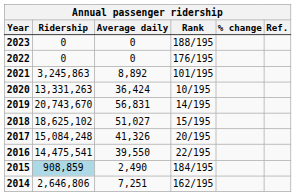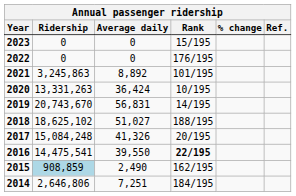 <table class="wikitable sortable" style="text-align:right;">
 <tr>
 <th colspan="6" style="background-color:#">Annual passenger ridership</th>
 </tr>
 <tr style="font-size:95%; text-align:center">
 <th style="border-bottom:1px solid black">Year</th>
 <th style="border-bottom:1px solid black">Ridership</th>
 <th style="border-bottom:1px solid black">Average daily</th>
 <th style="border-bottom:1px solid black">Rank</th>
 <th style="border-bottom:1px solid black">% change</th>
 <th style="border-bottom:1px solid black">Ref.</th>
 </tr>
 <tr style="text-align:center;">
 <td><strong>2023</strong></td>
 <td>0</td>
 <td>0</td>
-<td>188/195</td>
+<td>15/195</td>
 <td></td>
 <td></td>
 </tr>
 <tr style="text-align:center;">
 <td><strong>2022</strong></td>
 <td>0</td>
 <td>0</td>
 <td>176/195</td>
 <td></td>
 <td></td>
 </tr>
 <tr style="text-align:center;">
 <td><strong>2021</strong></td>
 <td>3,245,863</td>
 <td>8,892</td>
 <td>101/195</td>
 <td></td>
 <td></td>
 </tr>
 <tr style="text-align:center;">
 <td><strong>2020</strong></td>
 <td>13,331,263</td>
 <td>36,424</td>
 <td>10/195</td>
 <td></td>
 <td></td>
 </tr>
 <tr style="text-align:center;">
 <td><strong>2019</strong></td>
 <td>20,743,670</td>
 <td>56,831</td>
 <td>14/195</td>
 <td></td>
 <td></td>
 </tr>
 <tr style="text-align:center;">
 <td><strong>2018</strong></td>
 <td>18,625,102</td>
 <td>51,027</td>
-<td>15/195</td>
+<td>188/195</td>
 <td></td>
 <td></td>
 </tr>
 <tr style="text-align:center;">
 <td><strong>2017</strong></td>
 <td>15,084,248</td>
 <td>41,326</td>
 <td>20/195</td>
 <td></td>
 <td></td>
 </tr>
 <tr style="text-align:center;">
 <td><strong>2016</strong></td>
 <td>14,475,541</td>
 <td>39,550</td>
-<td>22/195</td>
+<td><strong>22/195</strong></td>
 <td></td>
 <td></td>
 </tr>
 <tr style="text-align:center;">
 <td><strong>2015</strong></td>
 <td style="background: lightblue;">908,859</td>
 <td>2,490</td>
-<td>184/195</td>
+<td>162/195</td>
 <td></td>
 <td></td>
 </tr>
 <tr style="text-align:center;">
 <td><strong>2014</strong></td>
 <td>2,646,806</td>
 <td>7,251</td>
-<td>162/195</td>
+<td>184/195</td>
 <td></td>
 <td></td>
 </tr>
 </table>
